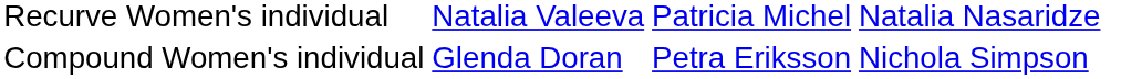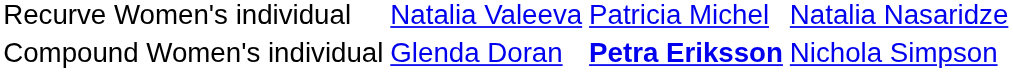 <table>
 <tr>
 <td>Recurve Women's individual<br></td>
 <td> <a href='#'>Natalia Valeeva</a></td>
 <td> <a href='#'>Patricia Michel</a></td>
 <td> <a href='#'>Natalia Nasaridze</a></td>
 </tr>
 <tr>
 <td>Compound Women's individual<br></td>
 <td> <a href='#'>Glenda Doran</a></td>
-<td> <a href='#'>Petra Eriksson</a></td>
+<td><strong> <a href='#'>Petra Eriksson</a></strong></td>
 <td> <a href='#'>Nichola Simpson</a></td>
 </tr>
 </table>
